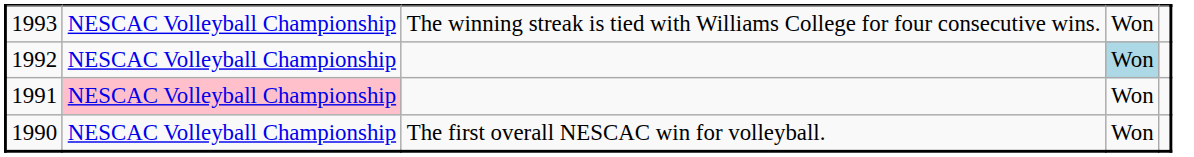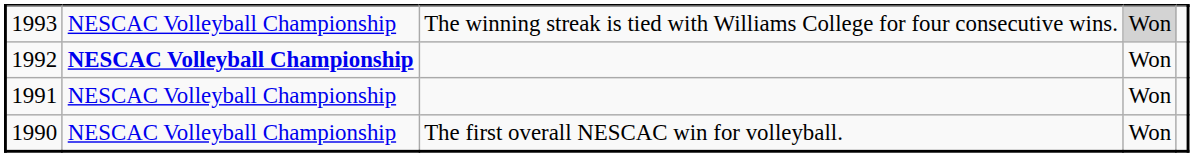 <table class="wikitable sortable" style="margin:0.5em 1em 0.5em 0; border:2px #000000 solid; border-collapse:collapse;" style="text-align:center">
 <tr>
 </tr>
 <tr>
 <td>1993</td>
 <td><a href='#'>NESCAC Volleyball Championship</a></td>
 <td>The winning streak is tied with Williams College for four consecutive wins.</td>
+<td style="background: lightgrey;">Won</td>
+<td></td>
+</tr>
+<tr>
+<td>1992</td>
+<td><strong><a href='#'>NESCAC Volleyball Championship</a></strong></td>
+<td></td>
 <td>Won</td>
 <td></td>
 </tr>
 <tr>
-<td>1992</td>
+<td>1991</td>
 <td><a href='#'>NESCAC Volleyball Championship</a></td>
-<td></td>
-<td style="background: lightblue;">Won</td>
-<td></td>
-</tr>
-<tr>
-<td>1991</td>
-<td style="background: pink;"><a href='#'>NESCAC Volleyball Championship</a></td>
 <td></td>
 <td>Won</td>
 <td></td>
 </tr>
 <tr>
 <td>1990</td>
 <td><a href='#'>NESCAC Volleyball Championship</a></td>
 <td>The first overall NESCAC win for volleyball.</td>
 <td>Won</td>
 <td></td>
 </tr>
 </table>
